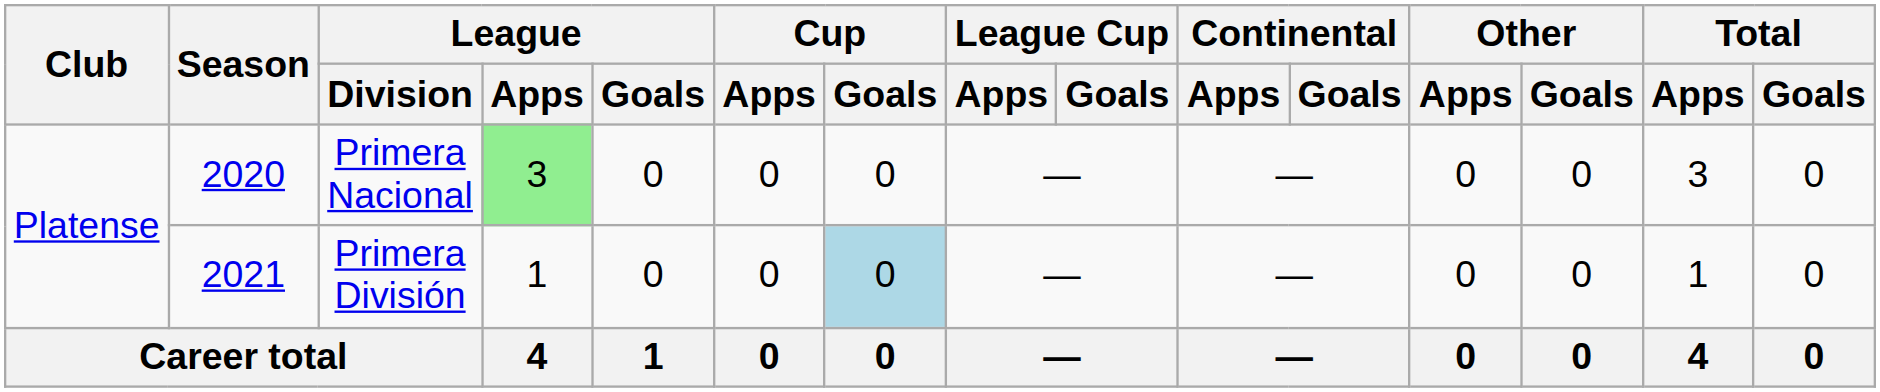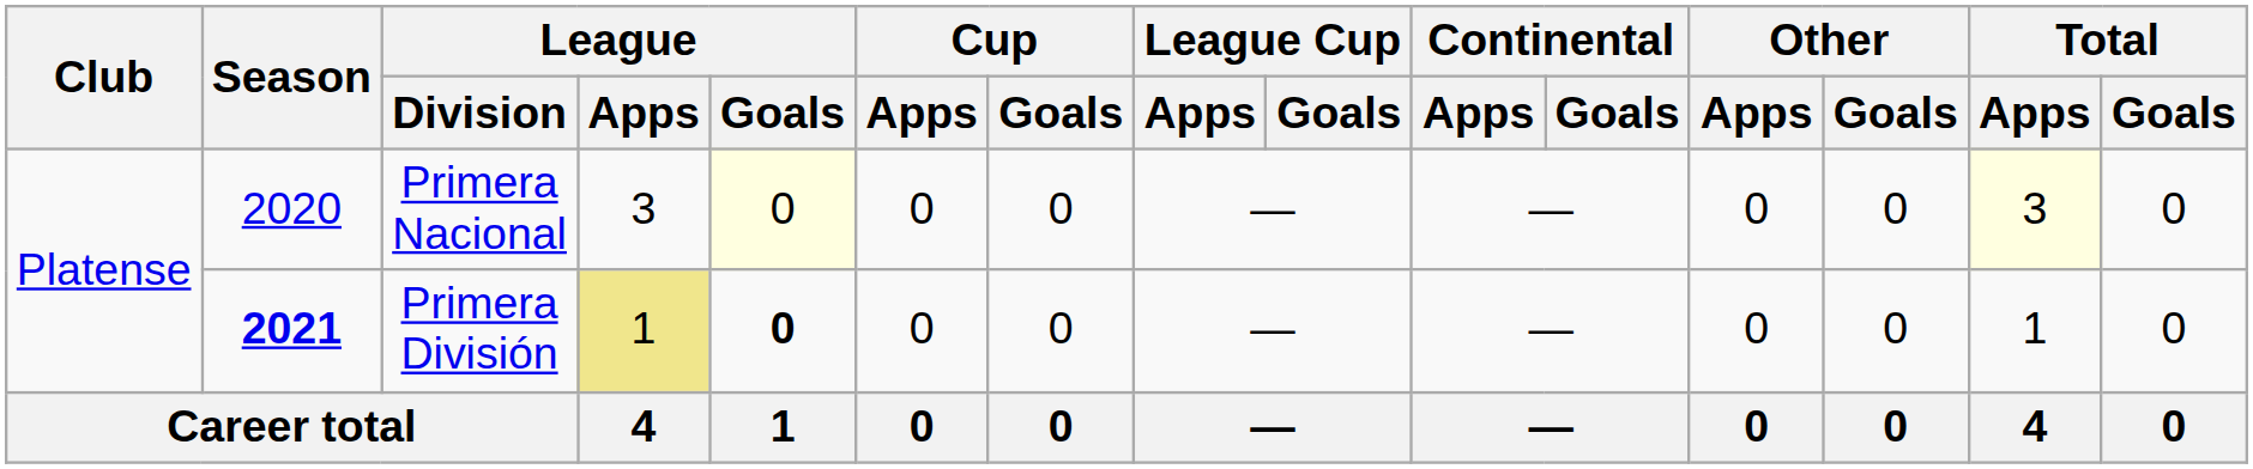 <table class="wikitable" style="text-align:center">
 <tr>
 <th rowspan="2">Club</th>
 <th rowspan="2">Season</th>
 <th colspan="3">League</th>
 <th colspan="2">Cup</th>
 <th colspan="2">League Cup</th>
 <th colspan="2">Continental</th>
 <th colspan="2">Other</th>
 <th colspan="2">Total</th>
 </tr>
 <tr>
 <th>Division</th>
 <th>Apps</th>
 <th>Goals</th>
 <th>Apps</th>
 <th>Goals</th>
 <th>Apps</th>
 <th>Goals</th>
 <th>Apps</th>
 <th>Goals</th>
 <th>Apps</th>
 <th>Goals</th>
 <th>Apps</th>
 <th>Goals</th>
 </tr>
 <tr>
 <td rowspan="2"><a href='#'>Platense</a></td>
 <td><a href='#'>2020</a></td>
 <td rowspan="1"><a href='#'>Primera Nacional</a></td>
-<td style="background: lightgreen;">3</td>
-<td>0</td>
+<td>3</td>
+<td style="background: lightyellow;">0</td>
 <td>0</td>
 <td>0</td>
 <td colspan="2">—</td>
 <td colspan="2">—</td>
 <td>0</td>
 <td>0</td>
-<td>3</td>
+<td style="background: lightyellow;">3</td>
 <td>0</td>
 </tr>
 <tr>
-<td><a href='#'>2021</a></td>
+<td><strong><a href='#'>2021</a></strong></td>
 <td rowspan="1"><a href='#'>Primera División</a></td>
-<td>1</td>
+<td style="background: khaki;">1</td>
+<td><strong>0</strong></td>
 <td>0</td>
 <td>0</td>
-<td style="background: lightblue;">0</td>
 <td colspan="2">—</td>
 <td colspan="2">—</td>
 <td>0</td>
 <td>0</td>
 <td>1</td>
 <td>0</td>
 </tr>
 <tr>
 <th colspan="3">Career total</th>
 <th>4</th>
 <th>1</th>
 <th>0</th>
 <th>0</th>
 <th colspan="2">—</th>
 <th colspan="2">—</th>
 <th>0</th>
 <th>0</th>
 <th>4</th>
 <th>0</th>
 </tr>
 </table>
